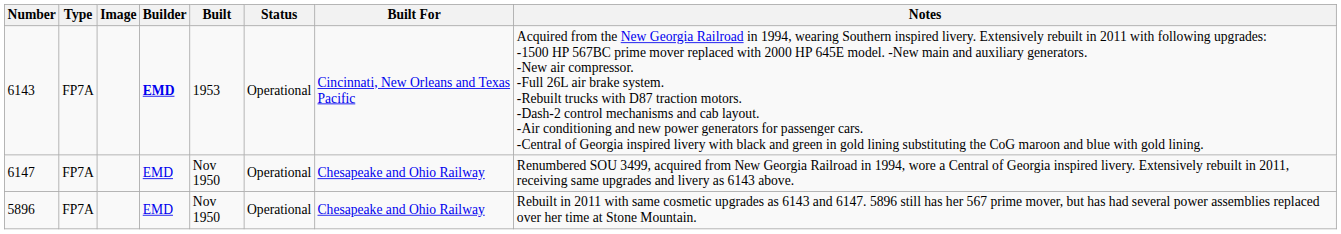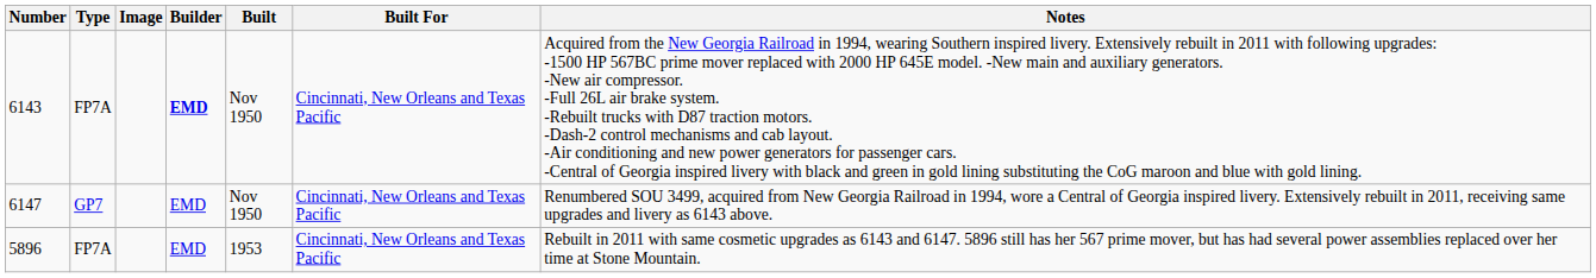 <table class="wikitable">
 <tr>
 <th>Number</th>
 <th>Type</th>
 <th>Image</th>
 <th>Builder</th>
 <th>Built</th>
-<th>Status</th>
 <th>Built For</th>
 <th>Notes</th>
 </tr>
 <tr>
 <td>6143</td>
 <td>FP7A</td>
 <td></td>
 <td><strong><a href='#'>EMD</a></strong></td>
-<td>1953</td>
-<td>Operational</td>
+<td>Nov 1950</td>
 <td><a href='#'>Cincinnati, New Orleans and Texas Pacific</a></td>
 <td>Acquired from the <a href='#'>New Georgia Railroad</a> in 1994, wearing Southern inspired livery.  Extensively rebuilt in 2011 with following upgrades:<br>-1500 HP 567BC prime mover replaced with 2000 HP 645E model. -New main and auxiliary generators.<br> -New air compressor.<br> -Full 26L air brake system.<br> -Rebuilt trucks with D87 traction motors.<br> -Dash-2 control mechanisms and cab layout.<br> -Air conditioning and new power generators for passenger cars.<br> -Central of Georgia inspired livery with black and green in gold lining substituting the CoG maroon and blue with gold lining.</td>
 </tr>
 <tr>
 <td>6147</td>
-<td>FP7A</td>
+<td><a href='#'>GP7</a></td>
 <td></td>
 <td><a href='#'>EMD</a></td>
 <td>Nov 1950</td>
-<td>Operational</td>
-<td><a href='#'>Chesapeake and Ohio Railway</a></td>
+<td><a href='#'>Cincinnati, New Orleans and Texas Pacific</a></td>
 <td>Renumbered SOU 3499, acquired from New Georgia Railroad in 1994, wore a Central of Georgia inspired livery.  Extensively rebuilt in 2011, receiving same upgrades and livery as 6143 above.</td>
 </tr>
 <tr>
 <td>5896</td>
 <td>FP7A</td>
 <td></td>
 <td><a href='#'>EMD</a></td>
-<td>Nov 1950</td>
-<td>Operational</td>
-<td><a href='#'>Chesapeake and Ohio Railway</a></td>
+<td>1953</td>
+<td><a href='#'>Cincinnati, New Orleans and Texas Pacific</a></td>
 <td>Rebuilt in 2011 with same cosmetic upgrades as 6143 and 6147. 5896 still has her 567 prime mover, but has had several power assemblies replaced over her time at Stone Mountain.</td>
 </tr>
 </table>
